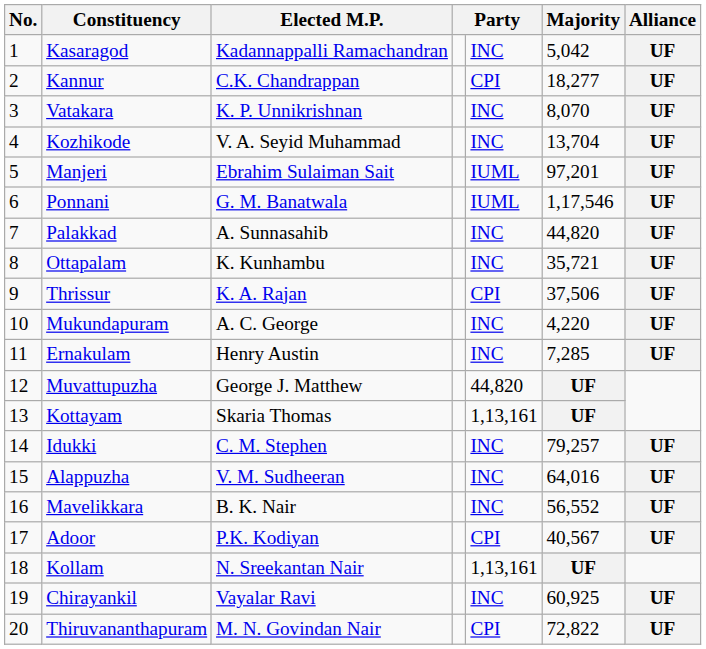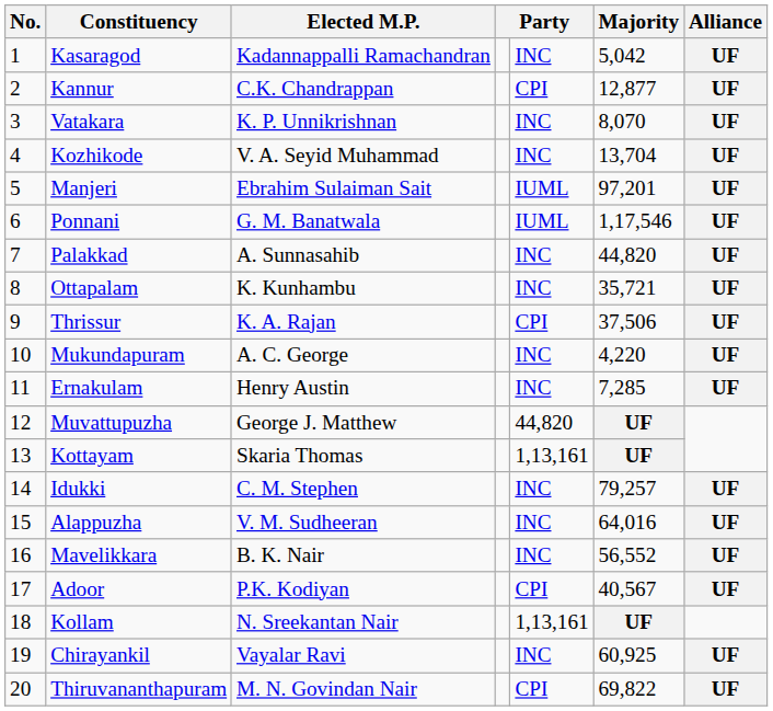 <table class="wikitable sortable">
 <tr>
 <th>No.</th>
 <th>Constituency</th>
 <th>Elected M.P.</th>
 <th colspan="2">Party</th>
 <th>Majority</th>
 <th>Alliance</th>
 </tr>
 <tr>
 <td>1</td>
 <td><a href='#'>Kasaragod</a></td>
 <td><a href='#'>Kadannappalli Ramachandran</a></td>
 <td width="4px" style="background-color: "></td>
 <td><a href='#'>INC</a></td>
 <td>5,042</td>
 <th style="background:">UF</th>
 </tr>
 <tr>
 <td>2</td>
 <td><a href='#'>Kannur</a></td>
 <td><a href='#'>C.K. Chandrappan</a></td>
 <td width="4px" style="background-color: "></td>
 <td><a href='#'>CPI</a></td>
-<td>18,277</td>
+<td>12,877</td>
 <th style="background:">UF</th>
 </tr>
 <tr>
 <td>3</td>
 <td><a href='#'>Vatakara</a></td>
 <td><a href='#'>K. P. Unnikrishnan</a></td>
 <td width="4px" style="background-color: "></td>
 <td><a href='#'>INC</a></td>
 <td>8,070</td>
 <th style="background:">UF</th>
 </tr>
 <tr>
 <td>4</td>
 <td><a href='#'>Kozhikode</a></td>
 <td>V. A. Seyid Muhammad</td>
 <td width="4px" style="background-color: "></td>
 <td><a href='#'>INC</a></td>
 <td>13,704</td>
 <th style="background:">UF</th>
 </tr>
 <tr>
 <td>5</td>
 <td><a href='#'>Manjeri</a></td>
 <td><a href='#'>Ebrahim Sulaiman Sait</a></td>
 <td width="4px" style="background-color: "></td>
 <td><a href='#'>IUML</a></td>
 <td>97,201</td>
 <th style="background:">UF</th>
 </tr>
 <tr>
 <td>6</td>
 <td><a href='#'>Ponnani</a></td>
 <td><a href='#'>G. M. Banatwala</a></td>
 <td width="4px" style="background-color: "></td>
 <td><a href='#'>IUML</a></td>
 <td>1,17,546</td>
 <th style="background:">UF</th>
 </tr>
 <tr>
 <td>7</td>
 <td><a href='#'>Palakkad</a></td>
 <td>A. Sunnasahib</td>
 <td width="4px" style="background-color: "></td>
 <td><a href='#'>INC</a></td>
 <td>44,820</td>
 <th style="background:">UF</th>
 </tr>
 <tr>
 <td>8</td>
 <td><a href='#'>Ottapalam</a></td>
 <td>K. Kunhambu</td>
 <td width="4px" style="background-color: "></td>
 <td><a href='#'>INC</a></td>
 <td>35,721</td>
 <th style="background:">UF</th>
 </tr>
 <tr>
 <td>9</td>
 <td><a href='#'>Thrissur</a></td>
 <td><a href='#'>K. A. Rajan</a></td>
 <td width="4px" style="background-color: "></td>
 <td><a href='#'>CPI</a></td>
 <td>37,506</td>
 <th style="background:">UF</th>
 </tr>
 <tr>
 <td>10</td>
 <td><a href='#'>Mukundapuram</a></td>
 <td>A. C. George</td>
 <td width="4px" style="background-color: "></td>
 <td><a href='#'>INC</a></td>
 <td>4,220</td>
 <th style="background:">UF</th>
 </tr>
 <tr>
 <td>11</td>
 <td><a href='#'>Ernakulam</a></td>
 <td>Henry Austin</td>
 <td width="4px" style="background-color: "></td>
 <td><a href='#'>INC</a></td>
 <td>7,285</td>
 <th style="background:">UF</th>
 </tr>
 <tr>
 <td>12</td>
 <td><a href='#'>Muvattupuzha</a></td>
 <td>George J. Matthew</td>
 <td></td>
 <td>44,820</td>
 <th style="background:">UF</th>
 </tr>
 <tr>
 <td>13</td>
 <td><a href='#'>Kottayam</a></td>
 <td>Skaria Thomas</td>
 <td></td>
 <td>1,13,161</td>
 <th style="background:">UF</th>
 </tr>
 <tr>
 <td>14</td>
 <td><a href='#'>Idukki</a></td>
 <td><a href='#'>C. M. Stephen</a></td>
 <td width="4px" style="background-color: "></td>
 <td><a href='#'>INC</a></td>
 <td>79,257</td>
 <th style="background:">UF</th>
 </tr>
 <tr>
 <td>15</td>
 <td><a href='#'>Alappuzha</a></td>
 <td><a href='#'>V. M. Sudheeran</a></td>
 <td width="4px" style="background-color: "></td>
 <td><a href='#'>INC</a></td>
 <td>64,016</td>
 <th style="background:">UF</th>
 </tr>
 <tr>
 <td>16</td>
 <td><a href='#'>Mavelikkara</a></td>
 <td>B. K. Nair</td>
 <td width="4px" style="background-color: "></td>
 <td><a href='#'>INC</a></td>
 <td>56,552</td>
 <th style="background:">UF</th>
 </tr>
 <tr>
 <td>17</td>
 <td><a href='#'>Adoor</a></td>
 <td><a href='#'>P.K. Kodiyan</a></td>
 <td width="4px" style="background-color: "></td>
 <td><a href='#'>CPI</a></td>
 <td>40,567</td>
 <th style="background:">UF</th>
 </tr>
 <tr>
 <td>18</td>
 <td><a href='#'>Kollam</a></td>
 <td><a href='#'>N. Sreekantan Nair</a></td>
 <td></td>
 <td>1,13,161</td>
 <th style="background:">UF</th>
 </tr>
 <tr>
 <td>19</td>
 <td><a href='#'>Chirayankil</a></td>
 <td><a href='#'>Vayalar Ravi</a></td>
 <td width="4px" style="background-color: "></td>
 <td><a href='#'>INC</a></td>
 <td>60,925</td>
 <th style="background:">UF</th>
 </tr>
 <tr>
 <td>20</td>
 <td><a href='#'>Thiruvananthapuram</a></td>
 <td><a href='#'>M. N. Govindan Nair</a></td>
 <td width="4px" style="background-color: "></td>
 <td><a href='#'>CPI</a></td>
-<td>72,822</td>
+<td>69,822</td>
 <th style="background:">UF</th>
 </tr>
 </table>
